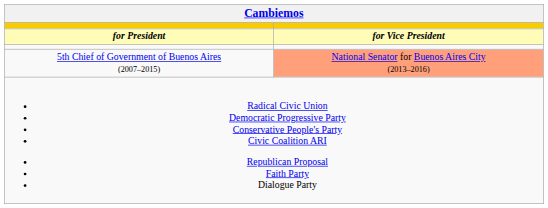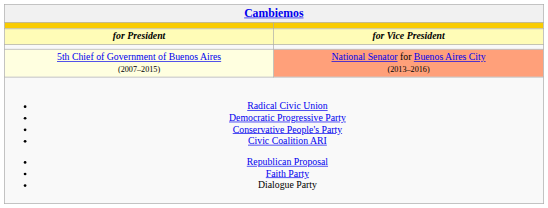 <table class="wikitable" style="font-size:90%; text-align:center;" width=40%>
 <tr>
 <td bgcolor=#f1f1f1 colspan=2><big><strong><a href='#'>Cambiemos</a></strong></big></td>
 </tr>
 <tr>
 <th style="font-size:135%; background:#f9cc00;" width=50%><a href='#'></a></th>
 <th style="font-size:135%; background:#f9cc00;" width=50%><a href='#'></a></th>
 </tr>
 <tr style="color:#000; font-size:100%; background:#fffcb7;">
 <td><strong><em>for President</em></strong></td>
 <td><strong><em>for Vice President</em></strong></td>
 </tr>
 <tr>
 <td></td>
 <td></td>
 </tr>
 <tr>
-<td><a href='#'>5th Chief of Government of Buenos Aires</a><br><small>(2007–2015)</small></td>
+<td style="background: lightyellow;"><a href='#'>5th Chief of Government of Buenos Aires</a><br><small>(2007–2015)</small></td>
 <td style="background: lightsalmon;"><a href='#'>National Senator</a> for <a href='#'>Buenos Aires City</a><br><small>(2013–2016)</small></td>
 </tr>
 <tr>
 <td colspan=2><br> <ul><li><a href='#'>Radical Civic Union</a></li><li><a href='#'>Democratic Progressive Party</a></li><li><a href='#'>Conservative People's Party</a></li><li><a href='#'>Civic Coalition ARI</a></li></ul><ul><li><a href='#'>Republican Proposal</a></li><li><a href='#'>Faith Party</a></li><li>Dialogue Party</li></ul></td>
 </tr>
 </table>
